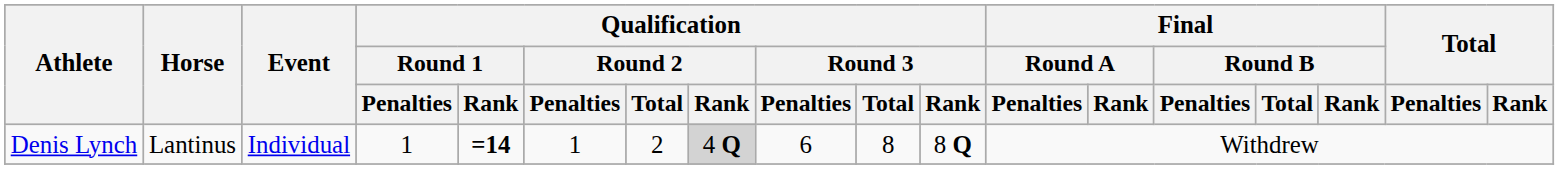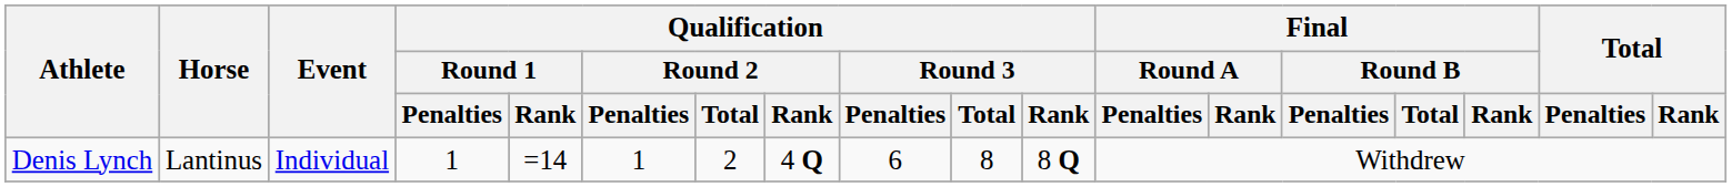 <table class="wikitable" style="font-size:90%">
 <tr>
 <th rowspan="3">Athlete</th>
 <th rowspan="3">Horse</th>
 <th rowspan="3">Event</th>
 <th colspan="8">Qualification</th>
 <th colspan="5">Final</th>
 <th rowspan=2 colspan="2">Total</th>
 </tr>
 <tr style="font-size:95%">
 <th colspan="2">Round 1</th>
 <th colspan="3">Round 2</th>
 <th colspan="3">Round 3</th>
 <th colspan="2">Round A</th>
 <th colspan="3">Round B</th>
 </tr>
 <tr style="font-size:95%">
 <th>Penalties</th>
 <th>Rank</th>
 <th>Penalties</th>
 <th>Total</th>
 <th>Rank</th>
 <th>Penalties</th>
 <th>Total</th>
 <th>Rank</th>
 <th>Penalties</th>
 <th>Rank</th>
 <th>Penalties</th>
 <th>Total</th>
 <th>Rank</th>
 <th>Penalties</th>
 <th>Rank</th>
 </tr>
 <tr align=center>
 <td align=left><a href='#'>Denis Lynch</a></td>
 <td align=left>Lantinus</td>
 <td align=left><a href='#'>Individual</a></td>
 <td>1</td>
-<td><strong>=14</strong></td>
+<td>=14</td>
 <td>1</td>
 <td>2</td>
-<td style="background: lightgrey;">4 <strong>Q</strong></td>
+<td>4 <strong>Q</strong></td>
 <td>6</td>
 <td>8</td>
 <td>8 <strong>Q</strong></td>
 <td colspan=7>Withdrew</td>
 </tr>
 </table>
